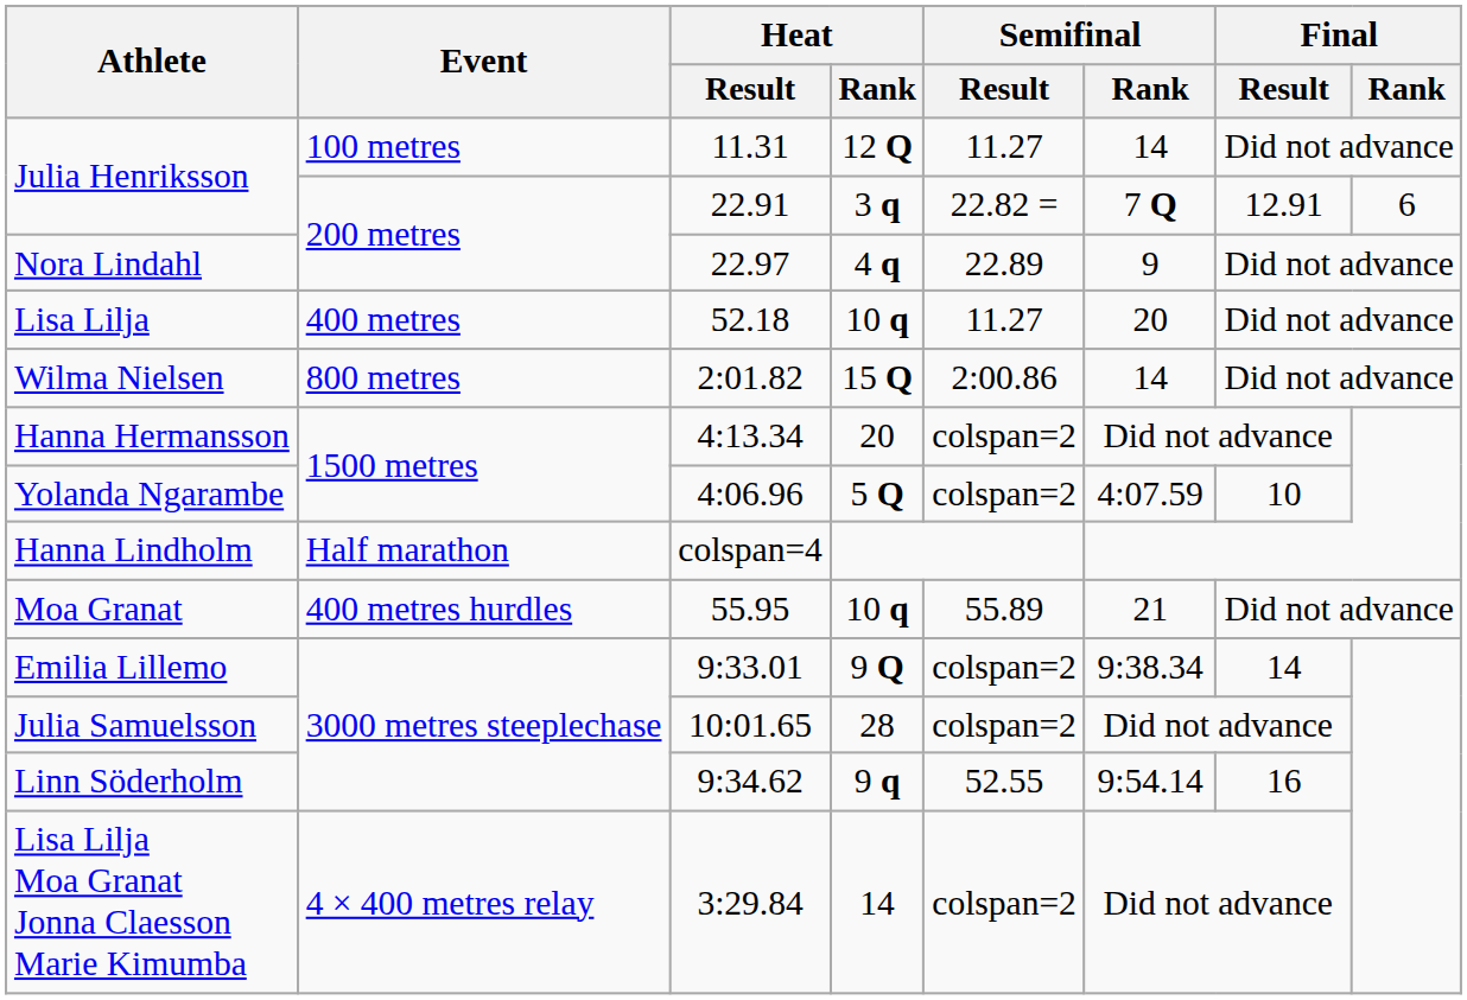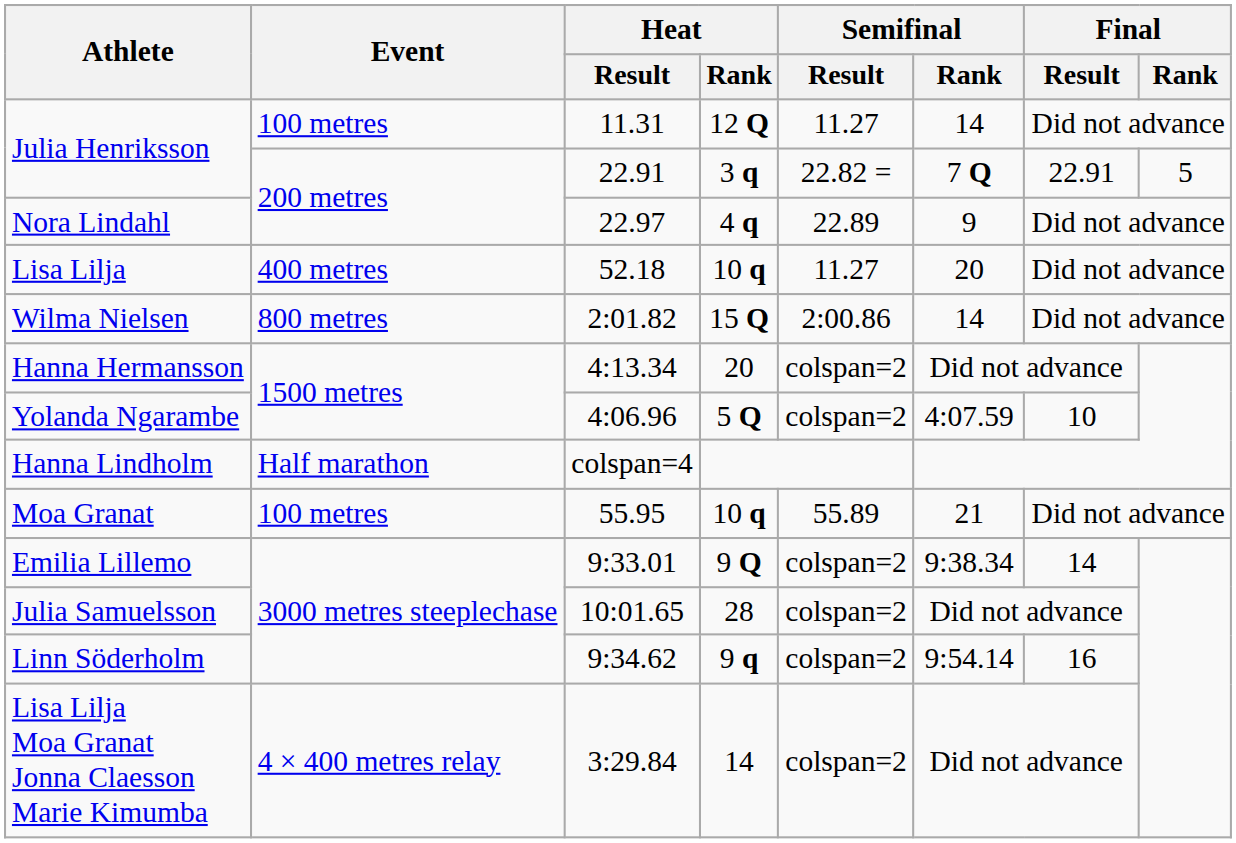 <table class=wikitable style=font-size:90%>
 <tr>
 <th rowspan=2>Athlete</th>
 <th rowspan=2>Event</th>
 <th colspan=2>Heat</th>
 <th colspan=2>Semifinal</th>
 <th colspan=2>Final</th>
 </tr>
 <tr style=font-size:95%>
 <th>Result</th>
 <th>Rank</th>
 <th>Result</th>
 <th>Rank</th>
 <th>Result</th>
 <th>Rank</th>
 </tr>
 <tr align=center>
 <td align=left rowspan=2><a href='#'>Julia Henriksson</a></td>
 <td align=left><a href='#'>100 metres</a></td>
 <td>11.31</td>
 <td>12 <strong>Q</strong></td>
 <td>11.27</td>
 <td>14</td>
 <td colspan=2>Did not advance</td>
 </tr>
 <tr align=center>
 <td align=left rowspan=2><a href='#'>200 metres</a></td>
 <td>22.91</td>
 <td>3 <strong>q</strong></td>
 <td>22.82 =</td>
 <td>7 <strong>Q</strong></td>
-<td>12.91</td>
-<td>6</td>
+<td>22.91</td>
+<td>5</td>
 </tr>
 <tr align=center>
 <td align=left><a href='#'>Nora Lindahl</a></td>
 <td>22.97 </td>
 <td>4 <strong>q</strong></td>
 <td>22.89 </td>
 <td>9</td>
 <td colspan=2>Did not advance</td>
 </tr>
 <tr align=center>
 <td align=left><a href='#'>Lisa Lilja</a></td>
 <td align=left><a href='#'>400 metres</a></td>
 <td>52.18 </td>
 <td>10 <strong>q</strong></td>
 <td>11.27</td>
 <td>20</td>
 <td colspan=2>Did not advance</td>
 </tr>
 <tr align=center>
 <td align=left><a href='#'>Wilma Nielsen</a></td>
 <td align=left><a href='#'>800 metres</a></td>
 <td>2:01.82 </td>
 <td>15 <strong>Q</strong></td>
 <td>2:00.86 </td>
 <td>14</td>
 <td colspan=2>Did not advance</td>
 </tr>
 <tr align=center>
 <td align=left><a href='#'>Hanna Hermansson</a></td>
 <td align=left rowspan=2><a href='#'>1500 metres</a></td>
 <td>4:13.34</td>
 <td>20</td>
 <td>colspan=2</td>
 <td colspan=2>Did not advance</td>
 </tr>
 <tr align=center>
 <td align=left><a href='#'>Yolanda Ngarambe</a></td>
 <td>4:06.96</td>
 <td>5 <strong>Q</strong></td>
 <td>colspan=2</td>
 <td>4:07.59</td>
 <td>10</td>
 </tr>
 <tr align=center>
 <td align=left><a href='#'>Hanna Lindholm</a></td>
 <td align=left><a href='#'>Half marathon</a></td>
 <td>colspan=4</td>
 <td colspan=2></td>
 </tr>
 <tr align=center>
 <td align=left><a href='#'>Moa Granat</a></td>
-<td align=left><a href='#'>400 metres hurdles</a></td>
+<td align=left><a href='#'>100 metres</a></td>
 <td>55.95 </td>
 <td>10 <strong>q</strong></td>
 <td>55.89 </td>
 <td>21</td>
 <td colspan=2>Did not advance</td>
 </tr>
 <tr align=center>
 <td align=left><a href='#'>Emilia Lillemo</a></td>
 <td align=left rowspan=3><a href='#'>3000 metres steeplechase</a></td>
 <td>9:33.01 </td>
 <td>9 <strong>Q</strong></td>
 <td>colspan=2</td>
 <td>9:38.34</td>
 <td>14</td>
 </tr>
 <tr align=center>
 <td align=left><a href='#'>Julia Samuelsson</a></td>
 <td>10:01.65</td>
 <td>28</td>
 <td>colspan=2</td>
 <td colspan=2>Did not advance</td>
 </tr>
 <tr align=center>
 <td align=left><a href='#'>Linn Söderholm</a></td>
 <td>9:34.62 </td>
 <td>9 <strong>q</strong></td>
-<td>52.55</td>
+<td>colspan=2</td>
 <td>9:54.14</td>
 <td>16</td>
 </tr>
 <tr align=center>
 <td align=left><a href='#'>Lisa Lilja</a><br><a href='#'>Moa Granat</a><br><a href='#'>Jonna Claesson</a><br> <a href='#'>Marie Kimumba</a></td>
 <td align=left><a href='#'>4 × 400 metres relay</a></td>
 <td>3:29.84  </td>
 <td>14</td>
 <td>colspan=2</td>
 <td colspan=2>Did not advance</td>
 </tr>
 </table>
